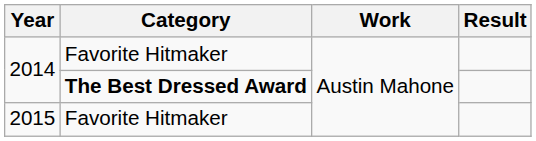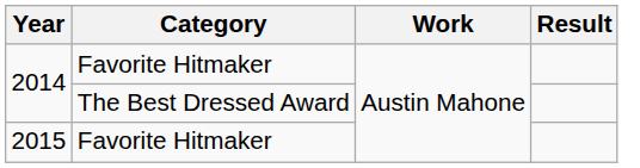 <table class="wikitable">
 <tr>
 <th>Year</th>
 <th>Category</th>
 <th>Work</th>
 <th>Result</th>
 </tr>
 <tr>
 <td rowspan="2">2014</td>
 <td>Favorite Hitmaker</td>
 <td rowspan="3">Austin Mahone</td>
 <td></td>
 </tr>
 <tr>
-<td><strong>The Best Dressed Award</strong></td>
+<td>The Best Dressed Award</td>
 <td></td>
 </tr>
 <tr>
 <td>2015</td>
 <td>Favorite Hitmaker</td>
 <td></td>
 </tr>
 </table>
